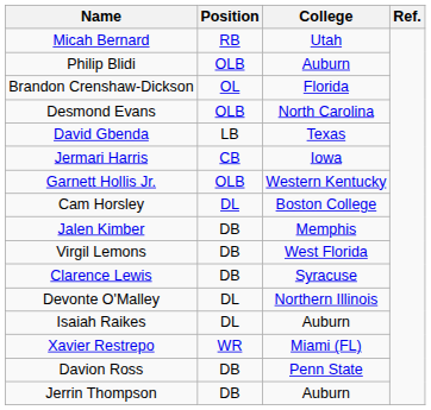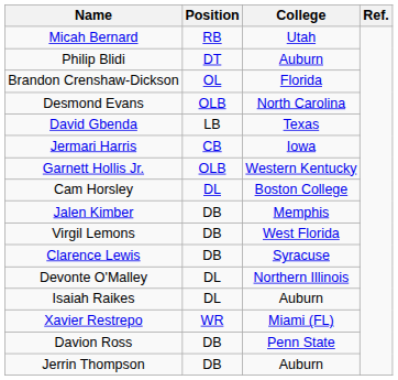 <table class="wikitable" style="text-align:center">
 <tr>
 <th>Name</th>
 <th>Position</th>
 <th>College</th>
 <th>Ref.</th>
 </tr>
 <tr>
 <td><a href='#'>Micah Bernard</a></td>
 <td><a href='#'>RB</a></td>
 <td><a href='#'>Utah</a></td>
 <td rowspan="16"></td>
 </tr>
 <tr>
 <td>Philip Blidi</td>
-<td><a href='#'>OLB</a></td>
+<td><a href='#'>DT</a></td>
 <td><a href='#'>Auburn</a></td>
 </tr>
 <tr>
 <td>Brandon Crenshaw-Dickson</td>
 <td><a href='#'>OL</a></td>
 <td><a href='#'>Florida</a></td>
 </tr>
 <tr>
 <td>Desmond Evans</td>
 <td><a href='#'>OLB</a></td>
 <td><a href='#'>North Carolina</a></td>
 </tr>
 <tr>
 <td><a href='#'>David Gbenda</a></td>
 <td>LB</td>
 <td><a href='#'>Texas</a></td>
 </tr>
 <tr>
 <td><a href='#'>Jermari Harris</a></td>
 <td><a href='#'>CB</a></td>
 <td><a href='#'>Iowa</a></td>
 </tr>
 <tr>
 <td><a href='#'>Garnett Hollis Jr.</a></td>
 <td><a href='#'>OLB</a></td>
 <td><a href='#'>Western Kentucky</a></td>
 </tr>
 <tr>
 <td>Cam Horsley</td>
 <td><a href='#'>DL</a></td>
 <td><a href='#'>Boston College</a></td>
 </tr>
 <tr>
 <td><a href='#'>Jalen Kimber</a></td>
 <td>DB</td>
 <td><a href='#'>Memphis</a></td>
 </tr>
 <tr>
 <td>Virgil Lemons</td>
 <td>DB</td>
 <td><a href='#'>West Florida</a></td>
 </tr>
 <tr>
 <td><a href='#'>Clarence Lewis</a></td>
 <td>DB</td>
 <td><a href='#'>Syracuse</a></td>
 </tr>
 <tr>
 <td>Devonte O'Malley</td>
 <td>DL</td>
 <td><a href='#'>Northern Illinois</a></td>
 </tr>
 <tr>
 <td>Isaiah Raikes</td>
 <td>DL</td>
 <td>Auburn</td>
 </tr>
 <tr>
 <td><a href='#'>Xavier Restrepo</a></td>
 <td><a href='#'>WR</a></td>
 <td><a href='#'>Miami (FL)</a></td>
 </tr>
 <tr>
 <td>Davion Ross</td>
 <td>DB</td>
 <td><a href='#'>Penn State</a></td>
 </tr>
 <tr>
 <td>Jerrin Thompson</td>
 <td>DB</td>
 <td>Auburn</td>
 </tr>
 </table>
